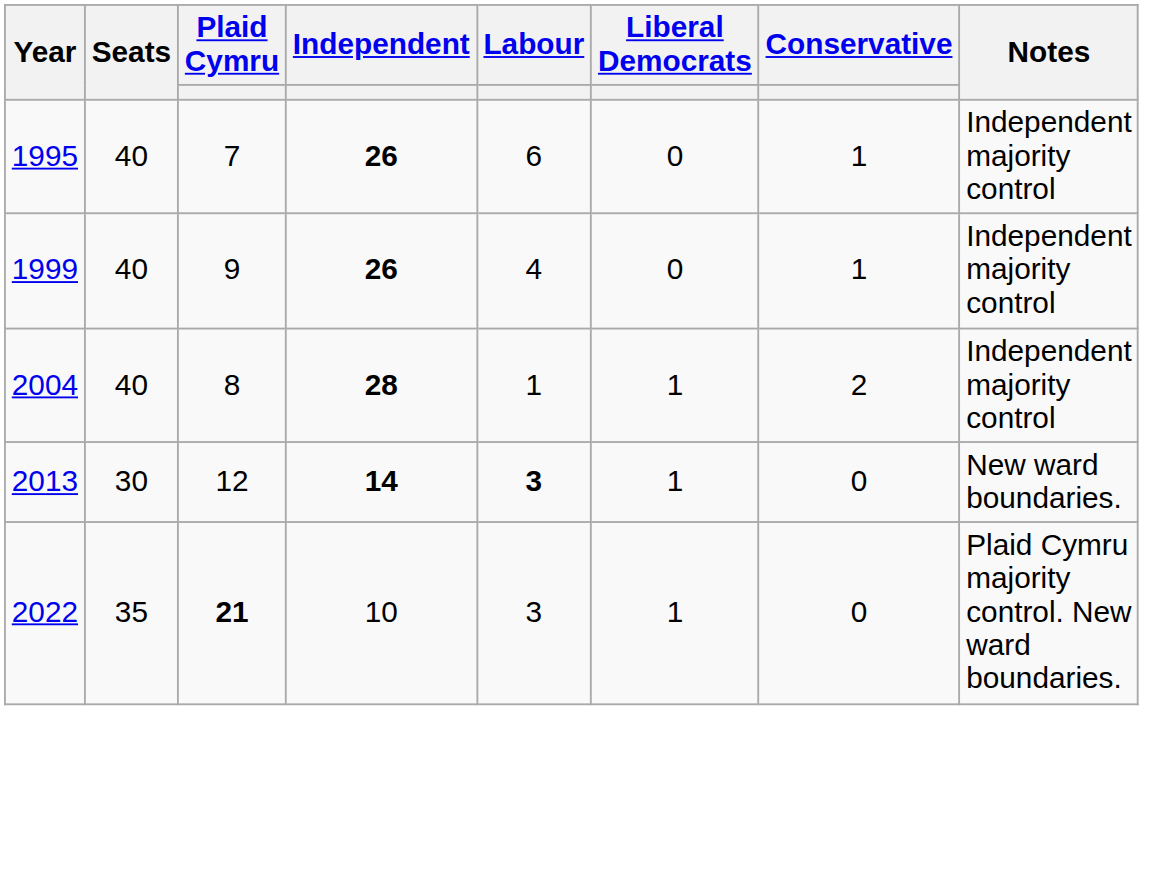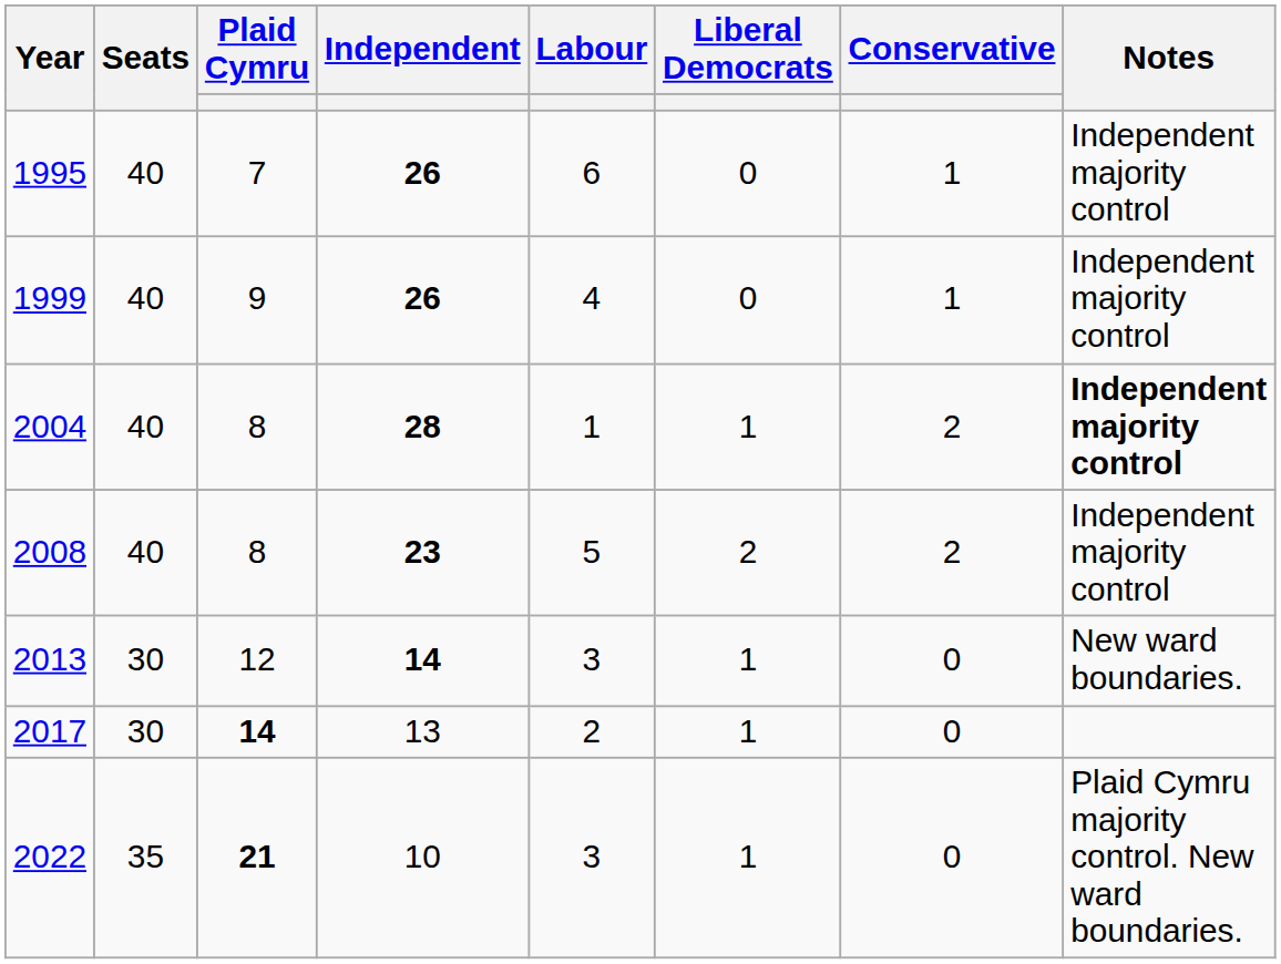 <table class="wikitable" style=text-align:center>
 <tr>
 <th rowspan=2>Year</th>
 <th rowspan=2>Seats</th>
 <th width="80"><a href='#'>Plaid Cymru</a></th>
 <th width="80"><a href='#'>Independent</a></th>
 <th width="80"><a href='#'>Labour</a></th>
 <th width="80"><a href='#'>Liberal Democrats</a></th>
 <th width="80"><a href='#'>Conservative</a></th>
 <th rowspan=2>Notes</th>
 </tr>
 <tr>
 <th style="background-color: "></th>
 <th style="background-color: "></th>
 <th style="background-color: "></th>
 <th style="background-color: "></th>
 <th style="background-color: "></th>
 </tr>
 <tr>
 <td><a href='#'>1995</a></td>
 <td>40</td>
 <td>7</td>
 <td><strong>26</strong></td>
 <td>6</td>
 <td>0</td>
 <td>1</td>
 <td align=left>Independent majority control</td>
 </tr>
 <tr>
 <td><a href='#'>1999</a></td>
 <td>40</td>
 <td>9</td>
 <td><strong>26</strong></td>
 <td>4</td>
 <td>0</td>
 <td>1</td>
 <td align=left>Independent majority control</td>
 </tr>
 <tr>
 <td><a href='#'>2004</a></td>
 <td>40</td>
 <td>8</td>
 <td><strong>28</strong></td>
 <td>1</td>
 <td>1</td>
 <td>2</td>
+<td align=left><strong>Independent majority control</strong></td>
+</tr>
+<tr>
+<td><a href='#'>2008</a></td>
+<td>40</td>
+<td>8</td>
+<td><strong>23</strong></td>
+<td>5</td>
+<td>2</td>
+<td>2</td>
 <td align=left>Independent majority control</td>
 </tr>
 <tr>
 <td><a href='#'>2013</a></td>
 <td>30</td>
 <td>12</td>
 <td><strong>14</strong></td>
-<td><strong>3</strong></td>
+<td>3</td>
 <td>1</td>
 <td>0</td>
 <td align=left>New ward boundaries.</td>
+</tr>
+<tr>
+<td><a href='#'>2017</a></td>
+<td>30</td>
+<td><strong>14</strong></td>
+<td>13</td>
+<td>2</td>
+<td>1</td>
+<td>0</td>
+<td align=left></td>
 </tr>
 <tr>
 <td><a href='#'>2022</a></td>
 <td>35</td>
 <td><strong>21</strong></td>
 <td>10</td>
 <td>3</td>
 <td>1</td>
 <td>0</td>
 <td align=left>Plaid Cymru majority control. New ward boundaries.</td>
 </tr>
 </table>
